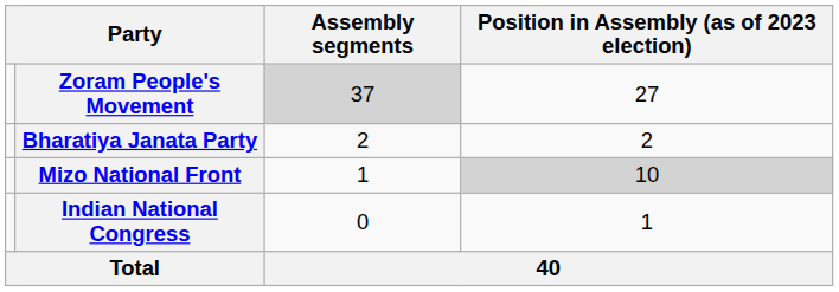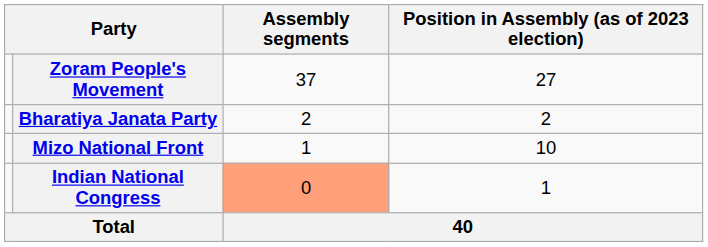 <table class="wikitable" style="text-align:center">
 <tr>
 <th colspan=2>Party</th>
 <th>Assembly segments</th>
 <th>Position in Assembly (as of 2023 election)</th>
 </tr>
 <tr>
 <td></td>
 <th><a href='#'>Zoram People's Movement</a></th>
-<td style="background: lightgrey;">37</td>
+<td>37</td>
 <td>27</td>
 </tr>
 <tr>
 <td></td>
 <th><a href='#'>Bharatiya Janata Party</a></th>
 <td>2</td>
 <td>2</td>
 </tr>
 <tr>
 <td></td>
 <th><a href='#'>Mizo National Front</a></th>
 <td>1</td>
-<td style="background: lightgrey;">10</td>
+<td>10</td>
 </tr>
 <tr>
 <td></td>
 <th><a href='#'>Indian National Congress</a></th>
-<td>0</td>
+<td style="background: lightsalmon;">0</td>
 <td>1</td>
 </tr>
 <tr>
 <th colspan=2>Total</th>
 <th colspan=2>40</th>
 </tr>
 </table>
